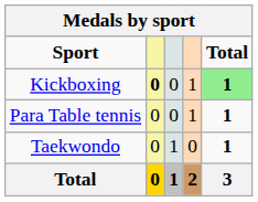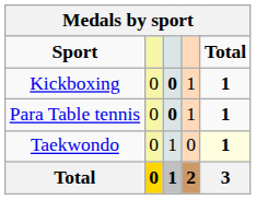 <table class="wikitable" style="font-size:85%">
 <tr style="background:#efefef;">
 <th colspan=7>Medals by sport</th>
 </tr>
 <tr align=center>
 <td><strong>Sport</strong></td>
 <td bgcolor=#f7f6a8></td>
 <td bgcolor=#dce5e5></td>
 <td bgcolor=#ffdab9></td>
 <td><strong>Total</strong></td>
 </tr>
 <tr align=center>
 <td><a href='#'>Kickboxing</a></td>
-<td style="background:#F7F6A8;"><strong>0</strong></td>
-<td style="background:#DCE5E5;">0</td>
+<td style="background:#F7F6A8;">0</td>
+<td style="background:#DCE5E5;"><strong>0</strong></td>
 <td style="background:#FFDAB9;">1</td>
-<td style="background: lightgreen;"><strong>1</strong></td>
+<td><strong>1</strong></td>
 </tr>
 <tr align=center>
 <td><a href='#'>Para Table tennis</a></td>
 <td style="background:#F7F6A8;">0</td>
-<td style="background:#DCE5E5;">0</td>
+<td style="background:#DCE5E5;"><strong>0</strong></td>
 <td style="background:#FFDAB9;">1</td>
 <td><strong>1</strong></td>
 </tr>
 <tr align=center>
 <td><a href='#'>Taekwondo</a></td>
 <td style="background:#F7F6A8;">0</td>
 <td style="background:#DCE5E5;">1</td>
 <td style="background:#FFDAB9;">0</td>
-<td><strong>1</strong></td>
+<td style="background: lightyellow;"><strong>1</strong></td>
 </tr>
 <tr align=center>
 <th>Total</th>
 <th style="background:gold;">0</th>
 <th style="background:silver;">1</th>
 <th style="background:#c96;">2</th>
 <th>3</th>
 </tr>
 </table>
